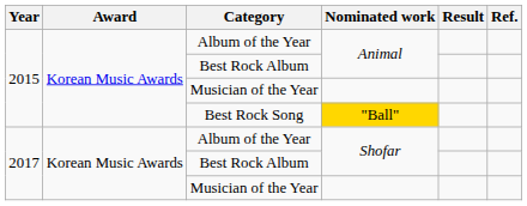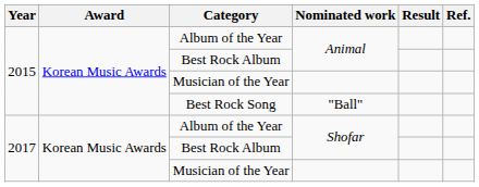 <table class="wikitable plainrowheaders" style="text-align:center;">
 <tr>
 <th>Year</th>
 <th>Award</th>
 <th>Category</th>
 <th>Nominated work</th>
 <th>Result</th>
 <th>Ref.</th>
 </tr>
 <tr>
 <td rowspan="4">2015</td>
 <td rowspan="4"><a href='#'>Korean Music Awards</a></td>
 <td>Album of the Year</td>
 <td rowspan="2"><em>Animal</em></td>
 <td></td>
 <td></td>
 </tr>
 <tr>
 <td>Best Rock Album</td>
 <td></td>
 <td></td>
 </tr>
 <tr>
 <td>Musician of the Year</td>
 <td></td>
 <td></td>
 <td></td>
 </tr>
 <tr>
 <td>Best Rock Song</td>
-<td style="background: gold;">"Ball"</td>
+<td>"Ball"</td>
 <td></td>
 <td></td>
 </tr>
 <tr>
 <td rowspan="3">2017</td>
 <td rowspan="3">Korean Music Awards</td>
 <td>Album of the Year</td>
 <td rowspan="2"><em>Shofar</em></td>
 <td></td>
 <td></td>
 </tr>
 <tr>
 <td>Best Rock Album</td>
 <td></td>
 <td></td>
 </tr>
 <tr>
 <td>Musician of the Year</td>
 <td></td>
 <td></td>
 <td></td>
 </tr>
 </table>
